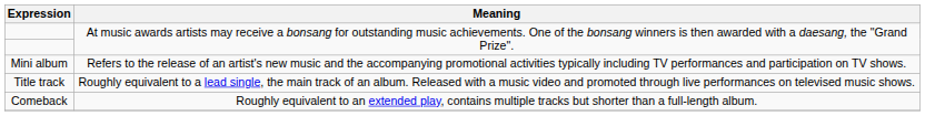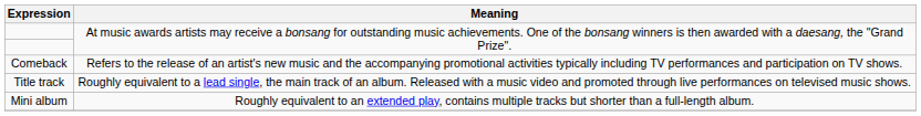 <table class="wikitable" style="text-align:center;">
 <tr>
 <th>Expression</th>
 <th>Meaning</th>
 </tr>
 <tr>
 <td></td>
 <td rowspan="2">At music awards artists may receive a <em>bonsang</em> for outstanding music achievements. One of the <em>bonsang</em> winners is then awarded with a <em>daesang,</em> the "Grand Prize".</td>
 </tr>
 <tr>
 <td></td>
 </tr>
 <tr>
-<td>Mini album</td>
+<td>Comeback</td>
 <td>Refers to the release of an artist's new music and the accompanying promotional activities typically including TV performances and participation on TV shows.</td>
 </tr>
 <tr>
 <td>Title track</td>
 <td>Roughly equivalent to a <a href='#'>lead single</a>, the main track of an album. Released with a music video and promoted through live performances on televised music shows.</td>
 </tr>
 <tr>
-<td>Comeback</td>
+<td>Mini album</td>
 <td>Roughly equivalent to an <a href='#'>extended play</a>, contains multiple tracks but shorter than a full-length album.</td>
 </tr>
 <tr>
 </tr>
 </table>
